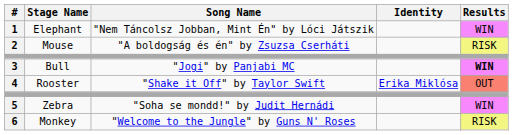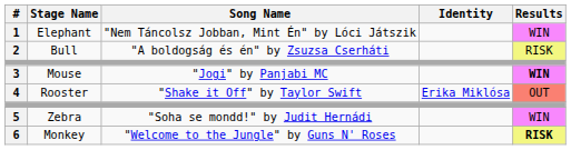 <table class="wikitable" style="text-align:center">
 <tr>
 <th style="width:20px">#</th>
 <th>Stage Name</th>
 <th>Song Name</th>
 <th>Identity</th>
 <th>Results</th>
 </tr>
 <tr>
 <th>1</th>
 <td>Elephant</td>
 <td>"Nem Táncolsz Jobban, Mint Én" by Lóci Játszik</td>
 <td></td>
 <td bgcolor="#f888fd">WIN</td>
 </tr>
 <tr>
 <th>2</th>
-<td>Mouse</td>
+<td>Bull</td>
 <td>"A boldogság és én" by <a href='#'>Zsuzsa Cserháti</a></td>
 <td></td>
 <td bgcolor="#f3f781">RISK</td>
 </tr>
 <tr>
 <th ! colspan="5" style="background:darkgrey"></th>
 </tr>
 <tr>
 <th>3</th>
-<td>Bull</td>
+<td>Mouse</td>
 <td>"<a href='#'>Jogi</a>" by <a href='#'>Panjabi MC</a></td>
 <td></td>
 <td bgcolor="#f888fd"><strong>WIN</strong></td>
 </tr>
 <tr>
 <th>4</th>
 <td>Rooster</td>
 <td>"<a href='#'>Shake it Off</a>" by <a href='#'>Taylor Swift</a></td>
 <td><a href='#'>Erika Miklósa</a></td>
 <td bgcolor="salmon">OUT</td>
 </tr>
 <tr>
 <th ! colspan="5" style="background:darkgrey"></th>
 </tr>
 <tr>
 <th>5</th>
 <td>Zebra</td>
 <td>"Soha se mondd!" by <a href='#'>Judit Hernádi</a></td>
 <td></td>
 <td bgcolor="#f888fd">WIN</td>
 </tr>
 <tr>
 <th>6</th>
 <td>Monkey</td>
 <td>"<a href='#'>Welcome to the Jungle</a>" by <a href='#'>Guns N' Roses</a></td>
 <td></td>
-<td bgcolor="#f3f781">RISK</td>
+<td bgcolor="#f3f781"><strong>RISK</strong></td>
 </tr>
 </table>
